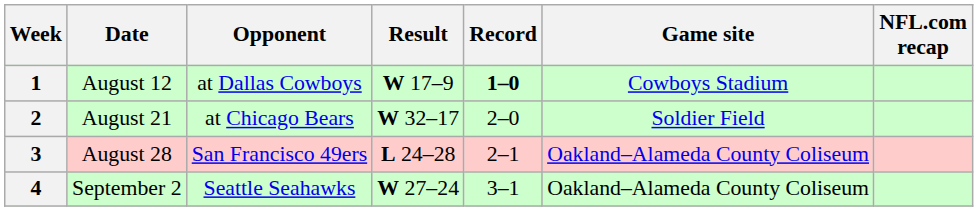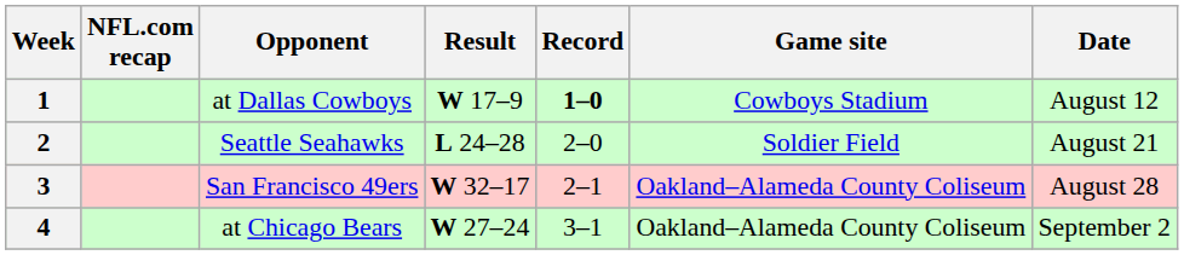 <table class="wikitable" align="center" style="font-size: 92%">
 <tr>
 <th +>Week</th>
-<th +>Date</th>
+<th +>NFL.com<br>recap</th>
 <th +>Opponent</th>
 <th +>Result</th>
 <th +>Record</th>
 <th +>Game site</th>
-<th +>NFL.com<br>recap</th>
+<th +>Date</th>
 </tr>
 <tr style="background:#cfc;">
 <th>1</th>
-<td style="text-align:center;">August 12</td>
+<td style="text-align:center;"></td>
 <td style="text-align:center;">at <a href='#'>Dallas Cowboys</a></td>
 <td style="text-align:center;"><strong>W</strong> 17–9</td>
 <td style="text-align:center;"><strong>1–0</strong></td>
 <td style="text-align:center;"><a href='#'>Cowboys Stadium</a></td>
-<td style="text-align:center;"></td>
+<td style="text-align:center;">August 12</td>
 </tr>
 <tr style="background:#cfc;">
 <th>2</th>
-<td style="text-align:center;">August 21</td>
-<td style="text-align:center;">at <a href='#'>Chicago Bears</a></td>
-<td style="text-align:center;"><strong>W</strong> 32–17</td>
+<td style="text-align:center;"></td>
+<td style="text-align:center;"><a href='#'>Seattle Seahawks</a></td>
+<td style="text-align:center;"><strong>L</strong> 24–28</td>
 <td style="text-align:center;">2–0</td>
 <td style="text-align:center;"><a href='#'>Soldier Field</a></td>
-<td style="text-align:center;"></td>
+<td style="text-align:center;">August 21</td>
 </tr>
 <tr style="background:#fcc;">
 <th>3</th>
-<td style="text-align:center;">August 28</td>
+<td style="text-align:center;"></td>
 <td style="text-align:center;"><a href='#'>San Francisco 49ers</a></td>
-<td style="text-align:center;"><strong>L</strong> 24–28</td>
+<td style="text-align:center;"><strong>W</strong> 32–17</td>
 <td style="text-align:center;">2–1</td>
 <td style="text-align:center;"><a href='#'>Oakland–Alameda County Coliseum</a></td>
-<td style="text-align:center;"></td>
+<td style="text-align:center;">August 28</td>
 </tr>
 <tr style="background:#cfc;">
 <th>4</th>
-<td style="text-align:center;">September 2</td>
-<td style="text-align:center;"><a href='#'>Seattle Seahawks</a></td>
+<td style="text-align:center;"></td>
+<td style="text-align:center;">at <a href='#'>Chicago Bears</a></td>
 <td style="text-align:center;"><strong>W</strong> 27–24</td>
 <td style="text-align:center;">3–1</td>
 <td style="text-align:center;">Oakland–Alameda County Coliseum</td>
-<td style="text-align:center;"></td>
+<td style="text-align:center;">September 2</td>
 </tr>
 </table>
